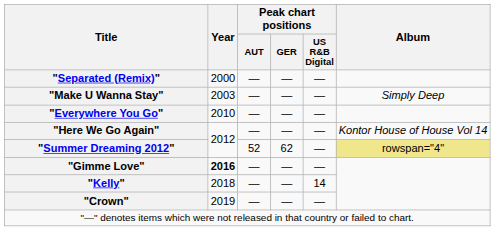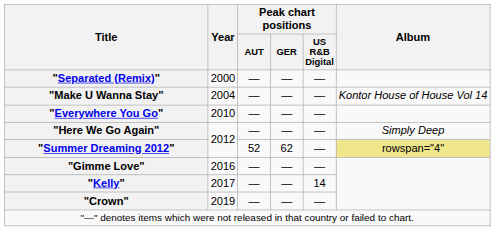 <table class="wikitable plainrowheaders" style="text-align:center;" border="1">
 <tr>
 <th scope="col" rowspan="2" style="width:18em;">Title</th>
 <th scope="col" rowspan="2">Year</th>
 <th scope="col" colspan="3">Peak chart positions</th>
 <th scope="col" rowspan="2">Album</th>
 </tr>
 <tr>
 <th scope="col" style="width:3em;font-size:85%;">AUT<br></th>
 <th scope="col" style="width:3em;font-size:85%;">GER<br></th>
 <th scope="col" style="width:3em;font-size:85%;">US<br>R&B<br>Digital<br></th>
 </tr>
 <tr>
 <th scope="row">"<a href='#'>Separated (Remix)</a>"<br></th>
 <td>2000</td>
 <td>—</td>
 <td>—</td>
 <td>—</td>
 <td></td>
 </tr>
 <tr>
 <th scope="row">"Make U Wanna Stay"<br></th>
-<td>2003</td>
+<td>2004</td>
 <td>—</td>
 <td>—</td>
 <td>—</td>
-<td><em>Simply Deep</em></td>
+<td><em>Kontor House of House Vol 14</em></td>
 </tr>
 <tr>
 <th scope="row">"<a href='#'>Everywhere You Go</a>"<br></th>
 <td>2010</td>
 <td>—</td>
 <td>—</td>
 <td>—</td>
 <td></td>
 </tr>
 <tr>
 <th scope="row">"Here We Go Again"<br></th>
 <td rowspan="2">2012</td>
 <td>—</td>
 <td>—</td>
 <td>—</td>
-<td><em>Kontor House of House Vol 14</em></td>
+<td><em>Simply Deep</em></td>
 </tr>
 <tr>
 <th scope="row">"<a href='#'>Summer Dreaming 2012</a>"<br></th>
 <td>52</td>
 <td>62</td>
 <td>—</td>
 <td style="background: khaki;">rowspan="4" </td>
 </tr>
 <tr>
 <th scope="row">"Gimme Love"</th>
-<td><strong>2016</strong></td>
+<td>2016</td>
 <td>—</td>
 <td>—</td>
 <td>—</td>
 </tr>
 <tr>
 <th scope="row">"<a href='#'>Kelly</a>"</th>
-<td>2018</td>
+<td>2017</td>
 <td>—</td>
 <td>—</td>
 <td>14</td>
 </tr>
 <tr>
 <th scope="row">"Crown"</th>
 <td>2019</td>
 <td>—</td>
 <td>—</td>
 <td>—</td>
 </tr>
 <tr>
 <td colspan="7" style="font-size:90%;">"—" denotes items which were not released in that country or failed to chart.</td>
 </tr>
 </table>
